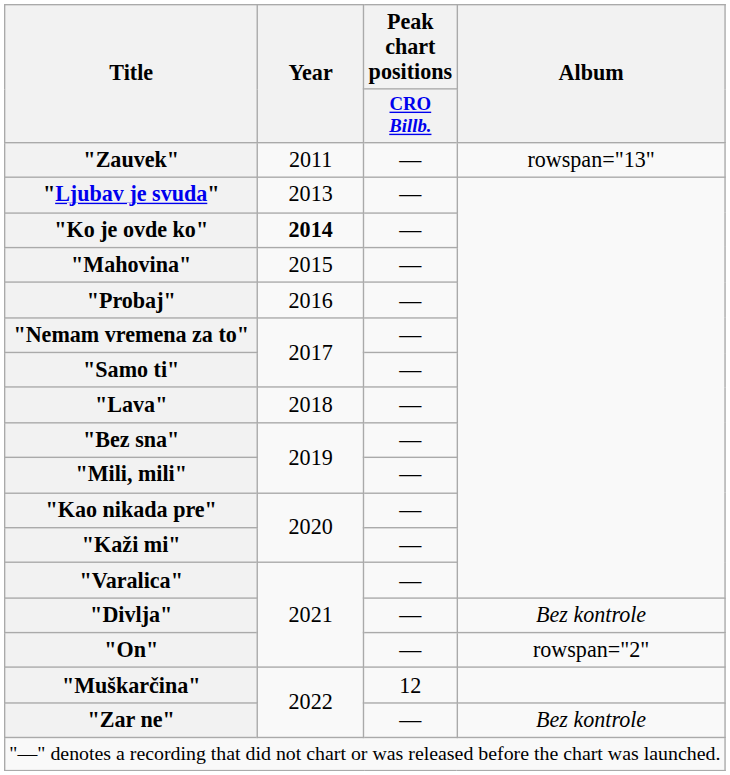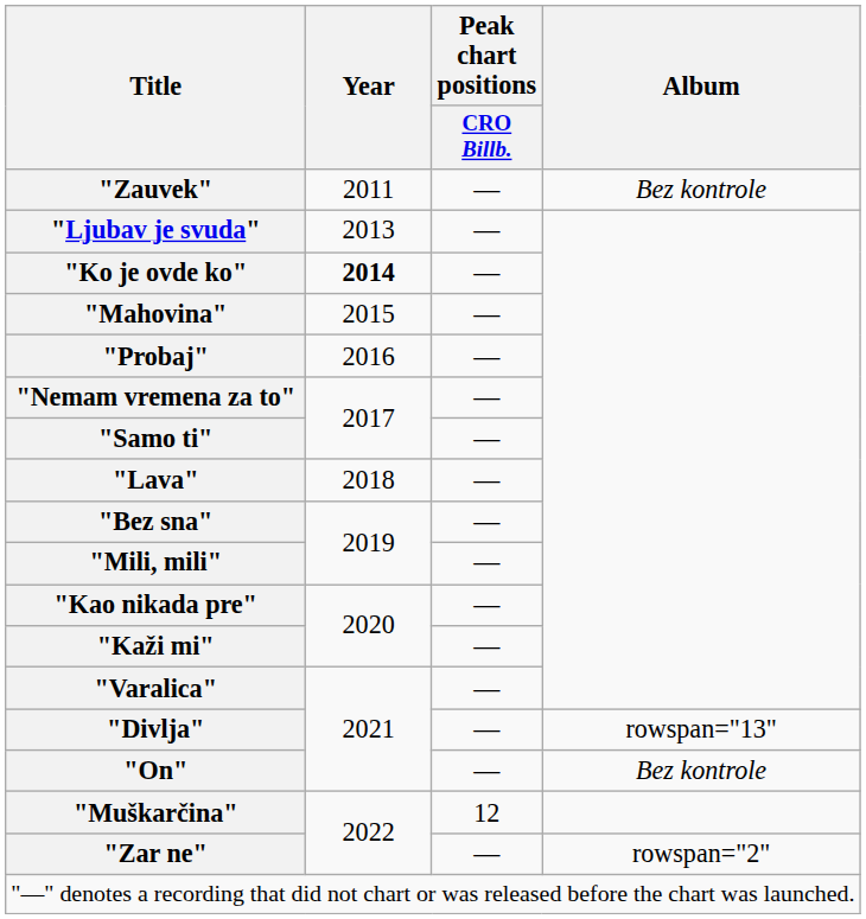 <table class="wikitable plainrowheaders" style="text-align:center;">
 <tr>
 <th rowspan="2" scope="col" style="width:11em;">Title</th>
 <th rowspan="2" scope="col">Year</th>
 <th scope="col">Peak chart positions</th>
 <th rowspan="2" scope="col">Album</th>
 </tr>
 <tr>
 <th style="width:2.5em; font-size:85%"><a href='#'>CRO<br><em>Billb.</em></a><br></th>
 </tr>
 <tr>
 <th scope="row">"Zauvek"</th>
 <td rowspan="1">2011</td>
 <td>—</td>
-<td>rowspan="13" </td>
+<td><em>Bez kontrole</em></td>
 </tr>
 <tr>
 <th scope="row">"<a href='#'>Ljubav je svuda</a>"<br></th>
 <td rowspan="1">2013</td>
 <td>—</td>
 </tr>
 <tr>
 <th scope="row">"Ko je ovde ko"</th>
 <td rowspan="1"><strong>2014</strong></td>
 <td>—</td>
 </tr>
 <tr>
 <th scope="row">"Mahovina"</th>
 <td rowspan="1">2015</td>
 <td>—</td>
 </tr>
 <tr>
 <th scope="row">"Probaj"</th>
 <td rowspan="1">2016</td>
 <td>—</td>
 </tr>
 <tr>
 <th scope="row">"Nemam vremena za to"</th>
 <td rowspan="2">2017</td>
 <td>—</td>
 </tr>
 <tr>
 <th scope="row">"Samo ti"</th>
 <td>—</td>
 </tr>
 <tr>
 <th scope="row">"Lava"</th>
 <td rowspan="1">2018</td>
 <td>—</td>
 </tr>
 <tr>
 <th scope="row">"Bez sna"</th>
 <td rowspan="2">2019</td>
 <td>—</td>
 </tr>
 <tr>
 <th scope="row">"Mili, mili"</th>
 <td>—</td>
 </tr>
 <tr>
 <th scope="row">"Kao nikada pre"<br></th>
 <td rowspan="2">2020</td>
 <td>—</td>
 </tr>
 <tr>
 <th scope="row">"Kaži mi"</th>
 <td>—</td>
 </tr>
 <tr>
 <th scope="row">"Varalica"<br></th>
 <td rowspan="3">2021</td>
 <td>—</td>
 </tr>
 <tr>
 <th scope="row">"Divlja"</th>
 <td>—</td>
-<td><em>Bez kontrole</em></td>
+<td>rowspan="13" </td>
 </tr>
 <tr>
 <th scope="row">"On"<br></th>
 <td>—</td>
-<td>rowspan="2" </td>
+<td><em>Bez kontrole</em></td>
 </tr>
 <tr>
 <th scope="row">"Muškarčina"</th>
 <td rowspan="2">2022</td>
 <td>12</td>
 </tr>
 <tr>
 <th scope="row">"Zar ne"</th>
 <td>—</td>
-<td><em>Bez kontrole</em></td>
+<td>rowspan="2" </td>
 </tr>
 <tr>
 <td colspan="4" style="font-size:90%">"—" denotes a recording that did not chart or was released before the chart was launched.</td>
 </tr>
 </table>
